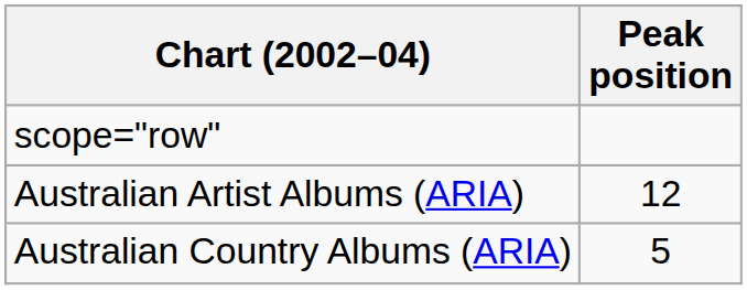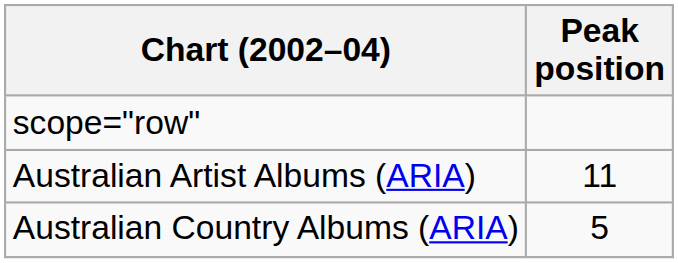 <table class="wikitable sortable plainrowheaders">
 <tr>
 <th>Chart (2002–04)</th>
 <th>Peak<br>position</th>
 </tr>
 <tr>
 <td>scope="row"</td>
 </tr>
 <tr>
 <td scope="row">Australian Artist Albums (<a href='#'>ARIA</a>)</td>
-<td align="center">12</td>
+<td align="center">11</td>
 </tr>
 <tr>
 <td scope="row">Australian Country Albums (<a href='#'>ARIA</a>)</td>
 <td align="center">5</td>
 </tr>
 <tr>
 </tr>
 </table>
